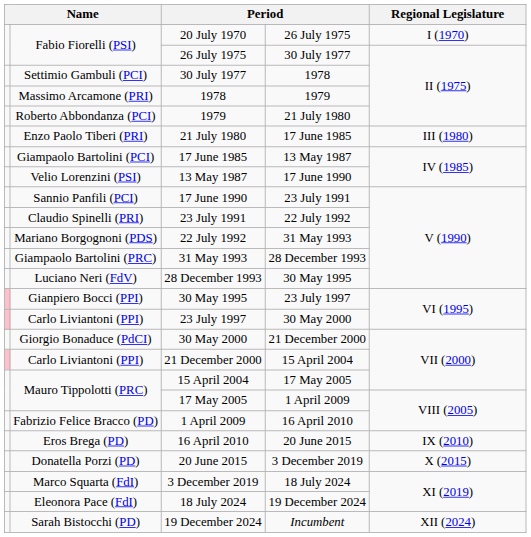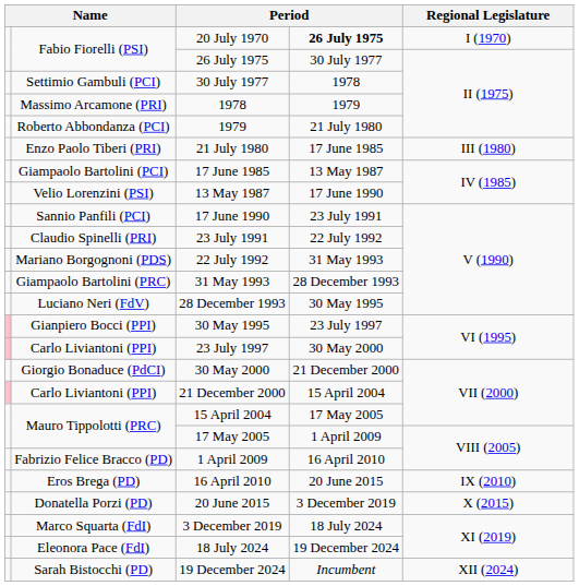 <table class="wikitable">
 <tr>
 <th width="30%" colspan=2>Name</th>
 <th width="40%" colspan=2>Period</th>
 <th width="30%">Regional Legislature</th>
 </tr>
 <tr align=center>
 <td rowspan=2 style="background:"></td>
 <td rowspan=2>Fabio Fiorelli (<a href='#'>PSI</a>)</td>
 <td>20 July 1970</td>
-<td>26 July 1975</td>
+<td><strong>26 July 1975</strong></td>
 <td>I (<a href='#'>1970</a>)</td>
 </tr>
 <tr align=center>
 <td>26 July 1975</td>
 <td>30 July 1977</td>
 <td rowspan=4>II (<a href='#'>1975</a>)</td>
 </tr>
 <tr align=center>
 <td style="background:"></td>
 <td>Settimio Gambuli (<a href='#'>PCI</a>)</td>
 <td>30 July 1977</td>
 <td>1978</td>
 </tr>
 <tr align=center>
 <td style="background:"></td>
 <td>Massimo Arcamone (<a href='#'>PRI</a>)</td>
 <td>1978</td>
 <td>1979</td>
 </tr>
 <tr align=center>
 <td style="background:"></td>
 <td>Roberto Abbondanza (<a href='#'>PCI</a>)</td>
 <td>1979</td>
 <td>21 July 1980</td>
 </tr>
 <tr align=center>
 <td style="background:"></td>
 <td>Enzo Paolo Tiberi (<a href='#'>PRI</a>)</td>
 <td>21 July 1980</td>
 <td>17 June 1985</td>
 <td>III (<a href='#'>1980</a>)</td>
 </tr>
 <tr align=center>
 <td style="background:"></td>
 <td>Giampaolo Bartolini (<a href='#'>PCI</a>)</td>
 <td>17 June 1985</td>
 <td>13 May 1987</td>
 <td rowspan=2>IV (<a href='#'>1985</a>)</td>
 </tr>
 <tr align=center>
 <td style="background:"></td>
 <td>Velio Lorenzini (<a href='#'>PSI</a>)</td>
 <td>13 May 1987</td>
 <td>17 June 1990</td>
 </tr>
 <tr align=center>
 <td style="background:"></td>
 <td>Sannio Panfili (<a href='#'>PCI</a>)</td>
 <td>17 June 1990</td>
 <td>23 July 1991</td>
 <td rowspan=5>V (<a href='#'>1990</a>)</td>
 </tr>
 <tr align=center>
 <td style="background:"></td>
 <td>Claudio Spinelli (<a href='#'>PRI</a>)</td>
 <td>23 July 1991</td>
 <td>22 July 1992</td>
 </tr>
 <tr align=center>
 <td style="background:"></td>
 <td>Mariano Borgognoni (<a href='#'>PDS</a>)</td>
 <td>22 July 1992</td>
 <td>31 May 1993</td>
 </tr>
 <tr align=center>
 <td style="background:"></td>
 <td>Giampaolo Bartolini (<a href='#'>PRC</a>)</td>
 <td>31 May 1993</td>
 <td>28 December 1993</td>
 </tr>
 <tr align=center>
 <td style="background:"></td>
 <td>Luciano Neri (<a href='#'>FdV</a>)</td>
 <td>28 December 1993</td>
 <td>30 May 1995</td>
 </tr>
 <tr align=center>
 <td style="background:pink; "></td>
 <td>Gianpiero Bocci (<a href='#'>PPI</a>)</td>
 <td>30 May 1995</td>
 <td>23 July 1997</td>
 <td rowspan=2>VI (<a href='#'>1995</a>)</td>
 </tr>
 <tr align=center>
 <td style="background:pink; "></td>
 <td>Carlo Liviantoni (<a href='#'>PPI</a>)</td>
 <td>23 July 1997</td>
 <td>30 May 2000</td>
 </tr>
 <tr align=center>
 <td style="background:"></td>
 <td>Giorgio Bonaduce (<a href='#'>PdCI</a>)</td>
 <td>30 May 2000</td>
 <td>21 December 2000</td>
 <td rowspan=3>VII (<a href='#'>2000</a>)</td>
 </tr>
 <tr align=center>
 <td style="background:pink; "></td>
 <td>Carlo Liviantoni (<a href='#'>PPI</a>)</td>
 <td>21 December 2000</td>
 <td>15 April 2004</td>
 </tr>
 <tr align=center>
 <td rowspan=2 style="background:"></td>
 <td rowspan=2>Mauro Tippolotti (<a href='#'>PRC</a>)</td>
 <td>15 April 2004</td>
 <td>17 May 2005</td>
 </tr>
 <tr align=center>
 <td>17 May 2005</td>
 <td>1 April 2009</td>
 <td rowspan=2>VIII (<a href='#'>2005</a>)</td>
 </tr>
 <tr align=center>
 <td style="background:"></td>
 <td>Fabrizio Felice Bracco (<a href='#'>PD</a>)</td>
 <td>1 April 2009</td>
 <td>16 April 2010</td>
 </tr>
 <tr align=center>
 <td style="background:"></td>
 <td>Eros Brega (<a href='#'>PD</a>)</td>
 <td>16 April 2010</td>
 <td>20 June 2015</td>
 <td>IX (<a href='#'>2010</a>)</td>
 </tr>
 <tr align=center>
 <td style="background:"></td>
 <td>Donatella Porzi (<a href='#'>PD</a>)</td>
 <td>20 June 2015</td>
 <td>3 December 2019</td>
 <td>X (<a href='#'>2015</a>)</td>
 </tr>
 <tr align=center>
 <td style="background:"></td>
 <td>Marco Squarta (<a href='#'>FdI</a>)</td>
 <td>3 December 2019</td>
 <td>18 July 2024</td>
 <td rowspan=2>XI (<a href='#'>2019</a>)</td>
 </tr>
 <tr align=center>
 <td style="background:"></td>
 <td>Eleonora Pace (<a href='#'>FdI</a>)</td>
 <td>18 July 2024</td>
 <td>19 December 2024</td>
 </tr>
 <tr align=center>
 <td style="background:"></td>
 <td>Sarah Bistocchi (<a href='#'>PD</a>)</td>
 <td>19 December 2024</td>
 <td><em>Incumbent</em></td>
 <td>XII (<a href='#'>2024</a>)</td>
 </tr>
 </table>
